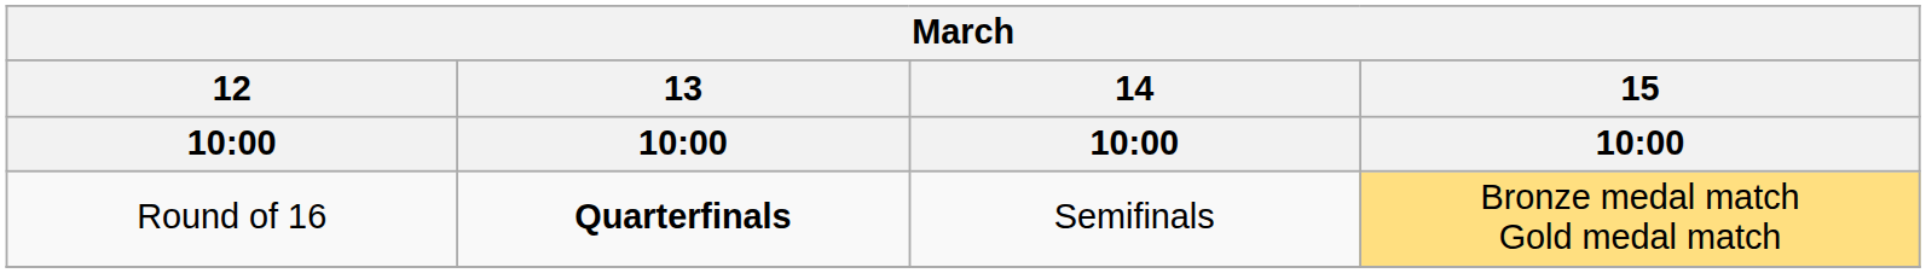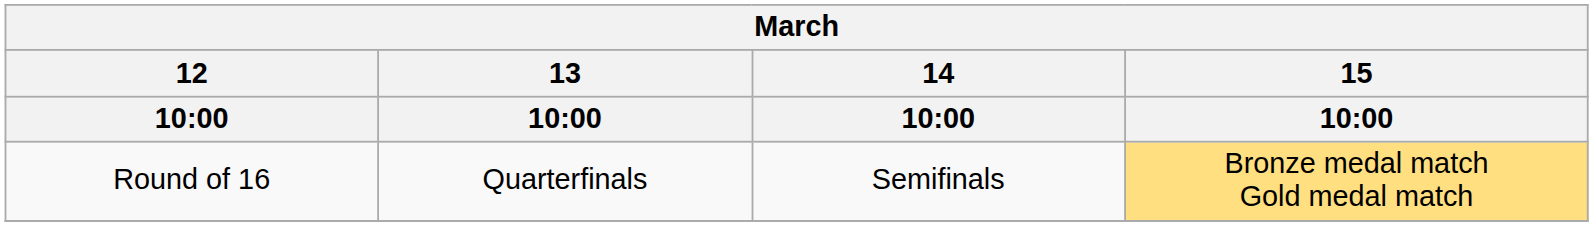 <table class="wikitable" style="text-align:center;margin:0.2em auto;">
 <tr>
 <th colspan=5>March</th>
 </tr>
 <tr>
 <th width=200>12</th>
 <th width=200>13</th>
 <th width=200>14</th>
 <th width=250>15</th>
 </tr>
 <tr>
 <th>10:00</th>
 <th>10:00</th>
 <th>10:00</th>
 <th>10:00</th>
 </tr>
 <tr>
 <td>Round of 16</td>
-<td><strong>Quarterfinals</strong></td>
+<td>Quarterfinals</td>
 <td>Semifinals</td>
 <td style="background:#ffdf80;">Bronze medal match<br>Gold medal match</td>
 </tr>
 <tr>
 </tr>
 </table>
